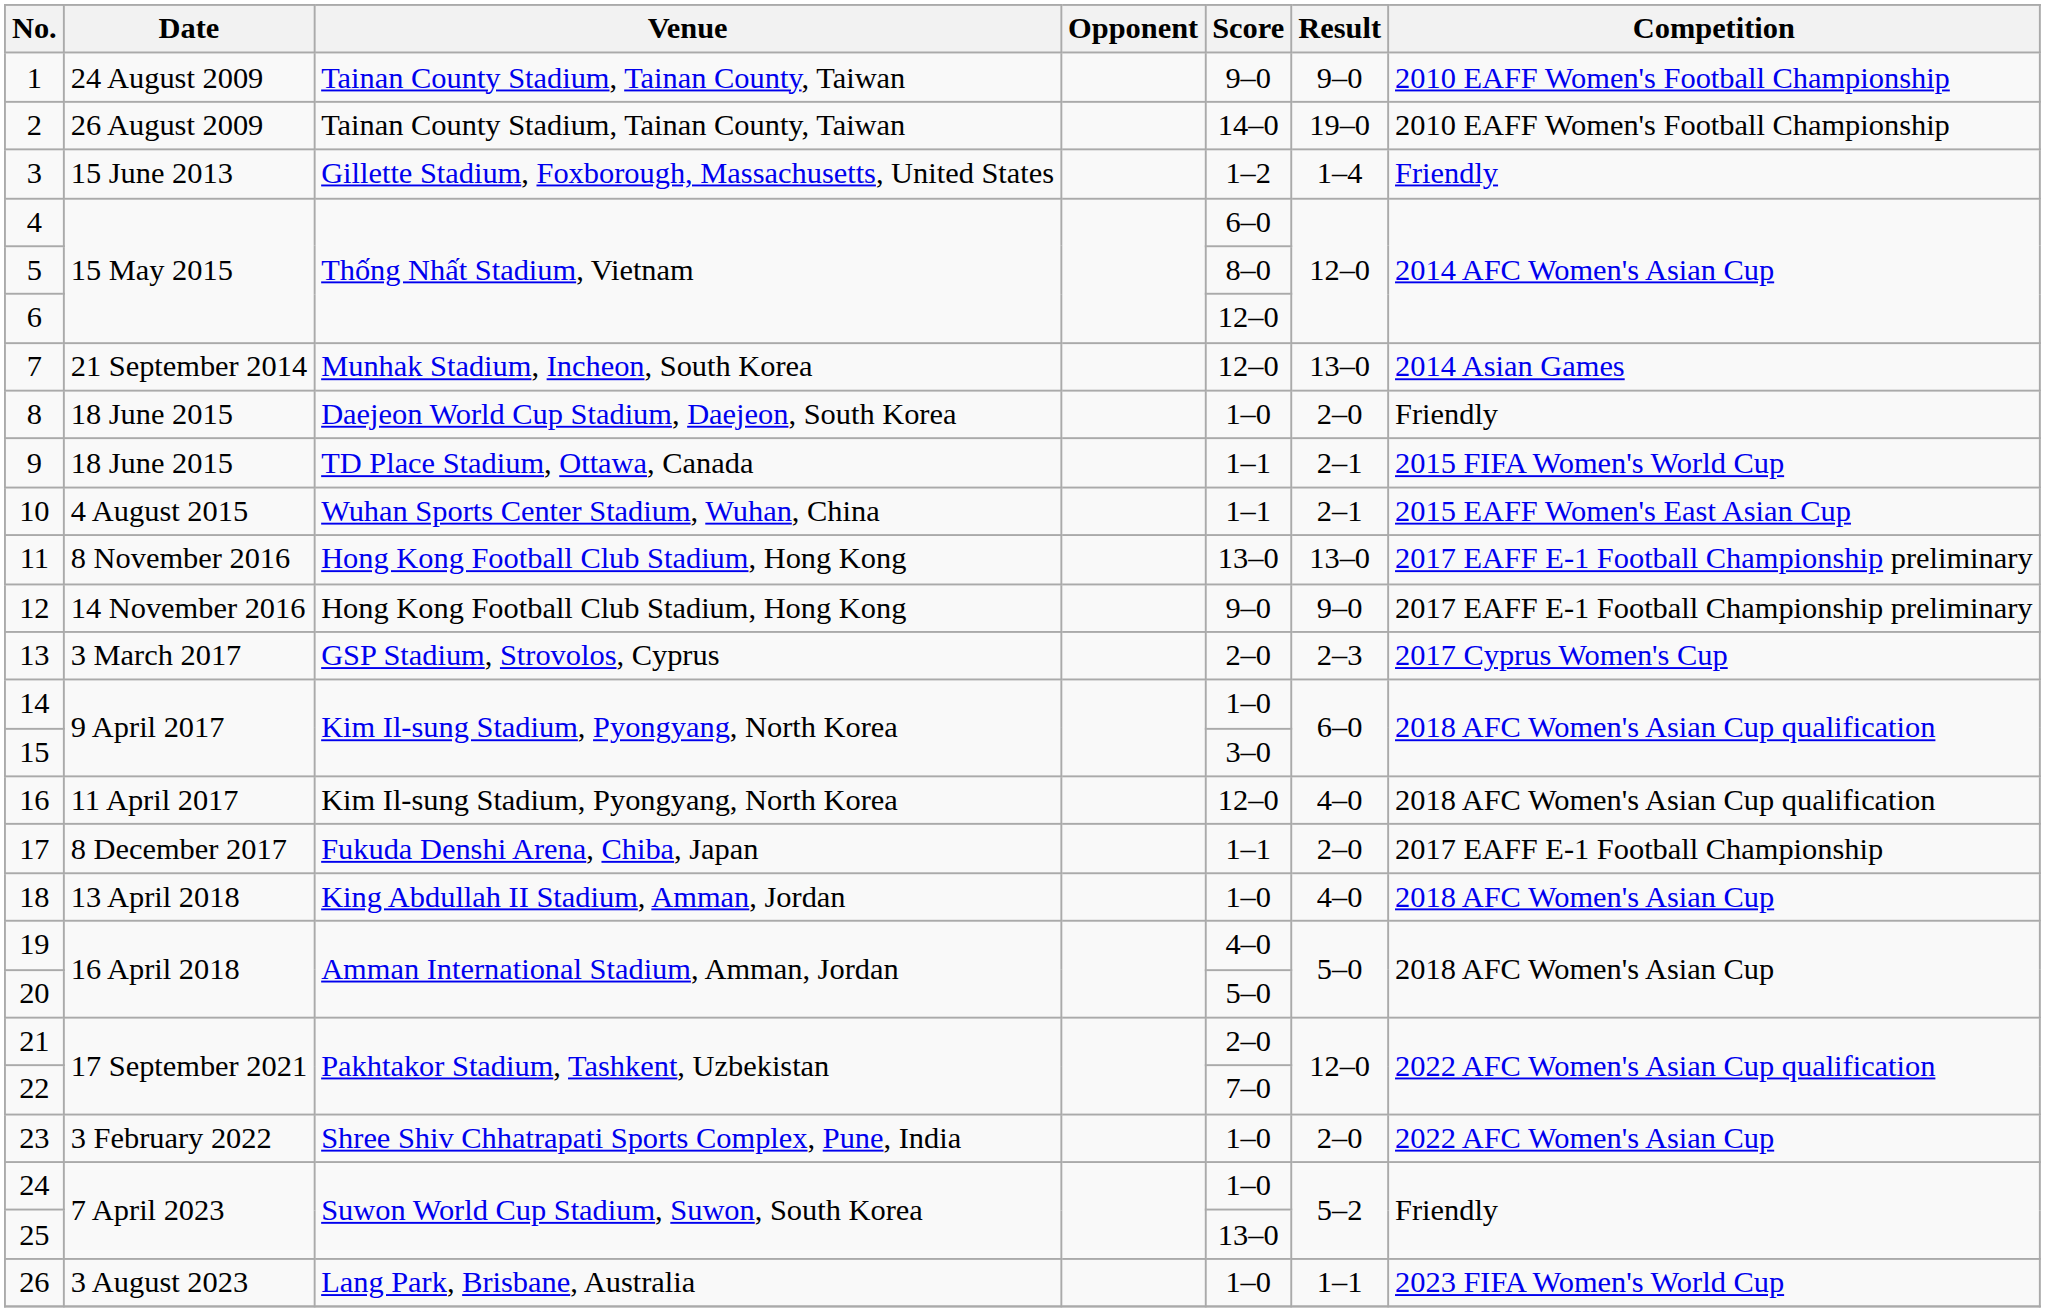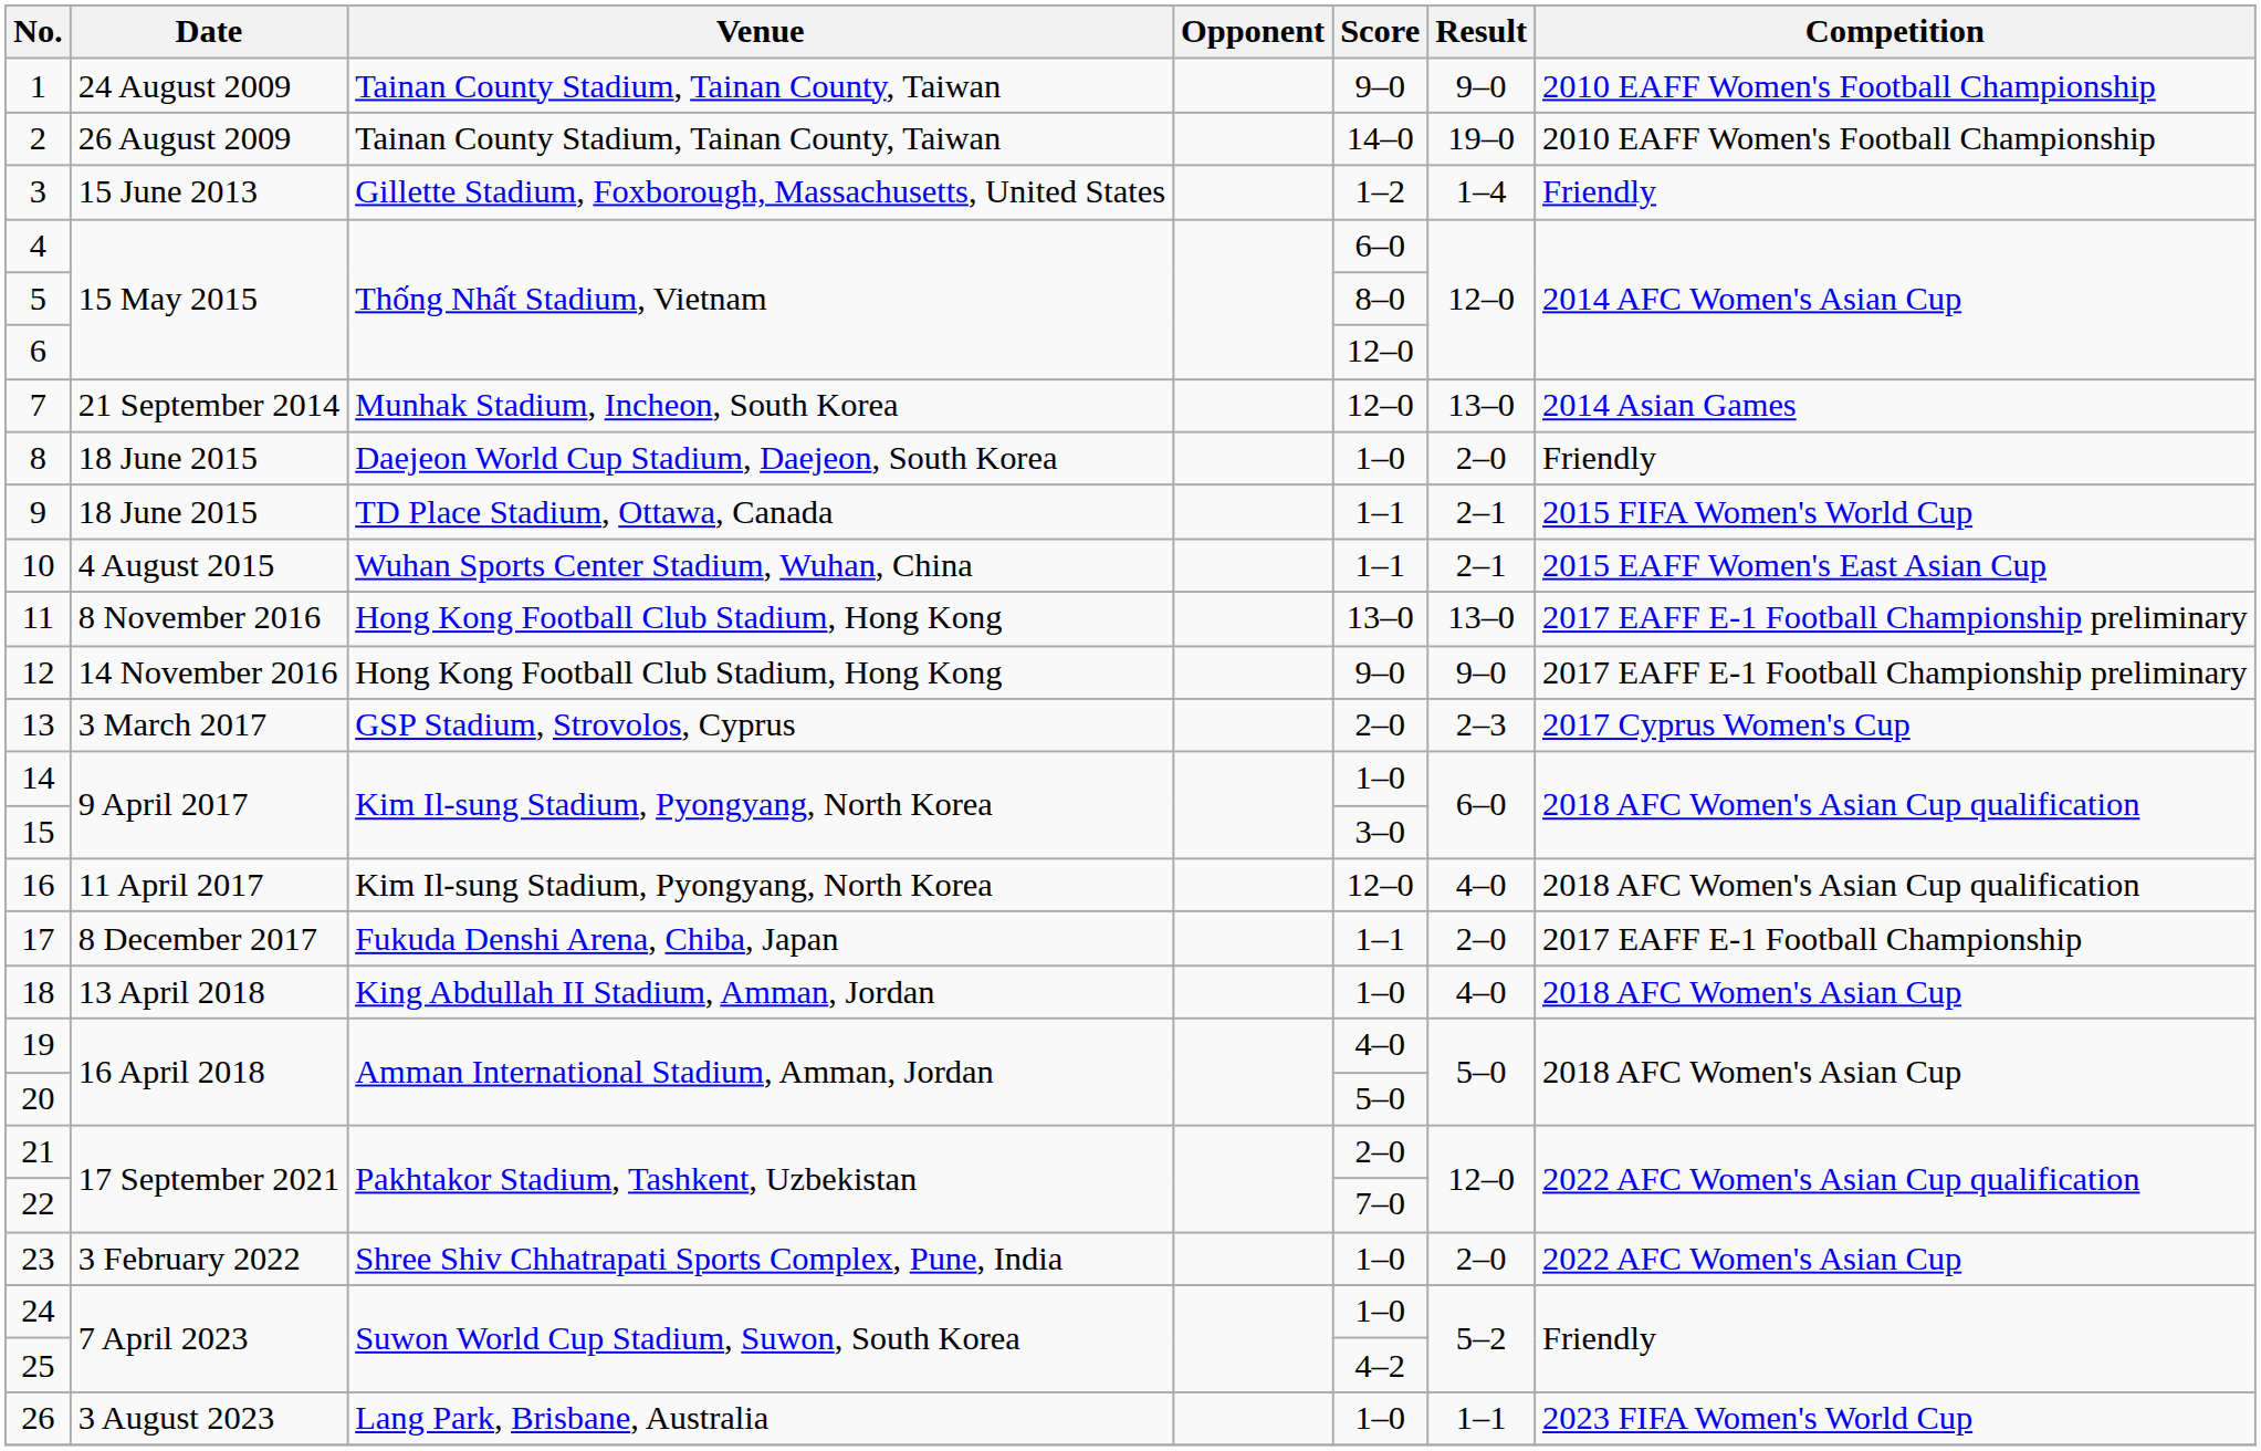 <table class="wikitable sortable">
 <tr>
 <th scope="col">No.</th>
 <th scope="col">Date</th>
 <th scope="col">Venue</th>
 <th scope="col">Opponent</th>
 <th scope="col">Score</th>
 <th scope="col">Result</th>
 <th scope="col">Competition</th>
 </tr>
 <tr>
 <td align=center>1</td>
 <td>24 August 2009</td>
 <td><a href='#'>Tainan County Stadium</a>, <a href='#'>Tainan County</a>, Taiwan</td>
 <td></td>
 <td align=center>9–0</td>
 <td align=center>9–0</td>
 <td><a href='#'>2010 EAFF Women's Football Championship</a></td>
 </tr>
 <tr>
 <td align=center>2</td>
 <td>26 August 2009</td>
 <td>Tainan County Stadium, Tainan County, Taiwan</td>
 <td></td>
 <td align=center>14–0</td>
 <td align=center>19–0</td>
 <td>2010 EAFF Women's Football Championship</td>
 </tr>
 <tr>
 <td align=center>3</td>
 <td>15 June 2013</td>
 <td><a href='#'>Gillette Stadium</a>, <a href='#'>Foxborough, Massachusetts</a>, United States</td>
 <td></td>
 <td align=center>1–2</td>
 <td align=center>1–4</td>
 <td><a href='#'>Friendly</a></td>
 </tr>
 <tr>
 <td align=center>4</td>
 <td rowspan="3">15 May 2015</td>
 <td rowspan="3"><a href='#'>Thống Nhất Stadium</a>, Vietnam</td>
 <td rowspan="3"></td>
 <td align=center>6–0</td>
 <td rowspan="3" align=center>12–0</td>
 <td rowspan="3"><a href='#'>2014 AFC Women's Asian Cup</a></td>
 </tr>
 <tr>
 <td align=center>5</td>
 <td align=center>8–0</td>
 </tr>
 <tr>
 <td align=center>6</td>
 <td align=center>12–0</td>
 </tr>
 <tr>
 <td align=center>7</td>
 <td>21 September 2014</td>
 <td><a href='#'>Munhak Stadium</a>, <a href='#'>Incheon</a>, South Korea</td>
 <td></td>
 <td align=center>12–0</td>
 <td align=center>13–0</td>
 <td><a href='#'>2014 Asian Games</a></td>
 </tr>
 <tr>
 <td align=center>8</td>
 <td>18 June 2015</td>
 <td><a href='#'>Daejeon World Cup Stadium</a>, <a href='#'>Daejeon</a>, South Korea</td>
 <td></td>
 <td align=center>1–0</td>
 <td align=center>2–0</td>
 <td>Friendly</td>
 </tr>
 <tr>
 <td align=center>9</td>
 <td>18 June 2015</td>
 <td><a href='#'>TD Place Stadium</a>, <a href='#'>Ottawa</a>, Canada</td>
 <td></td>
 <td align=center>1–1</td>
 <td align=center>2–1</td>
 <td><a href='#'>2015 FIFA Women's World Cup</a></td>
 </tr>
 <tr>
 <td align=center>10</td>
 <td>4 August 2015</td>
 <td><a href='#'>Wuhan Sports Center Stadium</a>, <a href='#'>Wuhan</a>, China</td>
 <td></td>
 <td align=center>1–1</td>
 <td align=center>2–1</td>
 <td><a href='#'>2015 EAFF Women's East Asian Cup</a></td>
 </tr>
 <tr>
 <td align=center>11</td>
 <td>8 November 2016</td>
 <td><a href='#'>Hong Kong Football Club Stadium</a>, Hong Kong</td>
 <td></td>
 <td align=center>13–0</td>
 <td align=center>13–0</td>
 <td><a href='#'>2017 EAFF E-1 Football Championship</a> preliminary</td>
 </tr>
 <tr>
 <td align=center>12</td>
 <td>14 November 2016</td>
 <td>Hong Kong Football Club Stadium, Hong Kong</td>
 <td></td>
 <td align=center>9–0</td>
 <td align=center>9–0</td>
 <td>2017 EAFF E-1 Football Championship preliminary</td>
 </tr>
 <tr>
 <td align=center>13</td>
 <td>3 March 2017</td>
 <td><a href='#'>GSP Stadium</a>, <a href='#'>Strovolos</a>, Cyprus</td>
 <td></td>
 <td align=center>2–0</td>
 <td align=center>2–3</td>
 <td><a href='#'>2017 Cyprus Women's Cup</a></td>
 </tr>
 <tr>
 <td align=center>14</td>
 <td rowspan="2">9 April 2017</td>
 <td rowspan="2"><a href='#'>Kim Il-sung Stadium</a>, <a href='#'>Pyongyang</a>, North Korea</td>
 <td rowspan="2"></td>
 <td align=center>1–0</td>
 <td rowspan="2" align=center>6–0</td>
 <td rowspan="2"><a href='#'>2018 AFC Women's Asian Cup qualification</a></td>
 </tr>
 <tr>
 <td align=center>15</td>
 <td align=center>3–0</td>
 </tr>
 <tr>
 <td align=center>16</td>
 <td>11 April 2017</td>
 <td>Kim Il-sung Stadium, Pyongyang, North Korea</td>
 <td></td>
 <td align=center>12–0</td>
 <td align=center>4–0</td>
 <td>2018 AFC Women's Asian Cup qualification</td>
 </tr>
 <tr>
 <td align=center>17</td>
 <td>8 December 2017</td>
 <td><a href='#'>Fukuda Denshi Arena</a>, <a href='#'>Chiba</a>, Japan</td>
 <td></td>
 <td align=center>1–1</td>
 <td align=center>2–0</td>
 <td>2017 EAFF E-1 Football Championship</td>
 </tr>
 <tr>
 <td align=center>18</td>
 <td>13 April 2018</td>
 <td><a href='#'>King Abdullah II Stadium</a>, <a href='#'>Amman</a>, Jordan</td>
 <td></td>
 <td align=center>1–0</td>
 <td align=center>4–0</td>
 <td><a href='#'>2018 AFC Women's Asian Cup</a></td>
 </tr>
 <tr>
 <td align=center>19</td>
 <td rowspan="2">16 April 2018</td>
 <td rowspan="2"><a href='#'>Amman International Stadium</a>, Amman, Jordan</td>
 <td rowspan="2"></td>
 <td align=center>4–0</td>
 <td rowspan="2" align=center>5–0</td>
 <td rowspan="2">2018 AFC Women's Asian Cup</td>
 </tr>
 <tr>
 <td align=center>20</td>
 <td align=center>5–0</td>
 </tr>
 <tr>
 <td align=center>21</td>
 <td rowspan="2">17 September 2021</td>
 <td rowspan="2"><a href='#'>Pakhtakor Stadium</a>, <a href='#'>Tashkent</a>, Uzbekistan</td>
 <td rowspan="2"></td>
 <td align=center>2–0</td>
 <td rowspan="2" align=center>12–0</td>
 <td rowspan="2"><a href='#'>2022 AFC Women's Asian Cup qualification</a></td>
 </tr>
 <tr>
 <td align=center>22</td>
 <td align=center>7–0</td>
 </tr>
 <tr>
 <td align=center>23</td>
 <td>3 February 2022</td>
 <td><a href='#'>Shree Shiv Chhatrapati Sports Complex</a>, <a href='#'>Pune</a>, India</td>
 <td></td>
 <td align=center>1–0</td>
 <td align=center>2–0</td>
 <td><a href='#'>2022 AFC Women's Asian Cup</a></td>
 </tr>
 <tr>
 <td align=center>24</td>
 <td rowspan="2">7 April 2023</td>
 <td rowspan="2"><a href='#'>Suwon World Cup Stadium</a>, <a href='#'>Suwon</a>, South Korea</td>
 <td rowspan="2"></td>
 <td align="center">1–0</td>
 <td align="center" rowspan="2">5–2</td>
 <td rowspan="2">Friendly</td>
 </tr>
 <tr>
 <td align=center>25</td>
-<td align=center>13–0</td>
+<td align="center">4–2</td>
 </tr>
 <tr>
 <td align=center>26</td>
 <td>3 August 2023</td>
 <td><a href='#'>Lang Park</a>, <a href='#'>Brisbane</a>, Australia</td>
 <td></td>
 <td align=center>1–0</td>
 <td align=center>1–1</td>
 <td><a href='#'>2023 FIFA Women's World Cup</a></td>
 </tr>
 <tr>
 </tr>
 </table>
